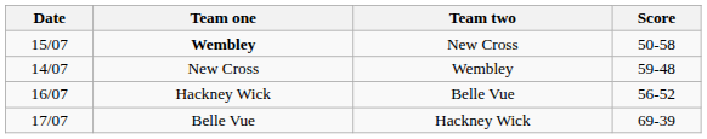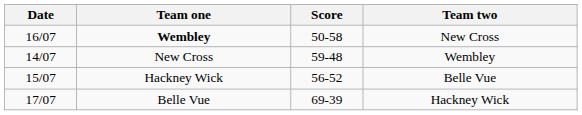 <table class="wikitable" style="text-align: center">
 <tr>
 <th width=80>Date</th>
 <th width=250>Team one</th>
+<th width=80>Score</th>
 <th width=250>Team two</th>
-<th width=80>Score</th>
 </tr>
 <tr>
-<td>15/07</td>
+<td>16/07</td>
 <td><strong>Wembley</strong></td>
+<td>50-58</td>
 <td>New Cross</td>
-<td>50-58</td>
 </tr>
 <tr>
 <td>14/07</td>
 <td>New Cross</td>
+<td>59-48</td>
 <td>Wembley</td>
-<td>59-48</td>
 </tr>
 <tr>
-<td>16/07</td>
+<td>15/07</td>
 <td>Hackney Wick</td>
+<td>56-52</td>
 <td>Belle Vue</td>
-<td>56-52</td>
 </tr>
 <tr>
 <td>17/07</td>
 <td>Belle Vue</td>
+<td>69-39</td>
 <td>Hackney Wick</td>
-<td>69-39</td>
 </tr>
 </table>
